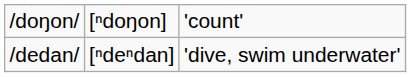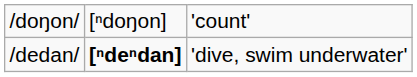 <table class="wikitable">
 <tr>
 <td>/doŋon/</td>
 <td>[ⁿdoŋon]</td>
 <td>'count'</td>
 </tr>
 <tr>
 <td>/dedan/</td>
-<td>[ⁿdeⁿdan]</td>
+<td><strong>[ⁿdeⁿdan]</strong></td>
 <td>'dive, swim underwater'</td>
 </tr>
 </table>
